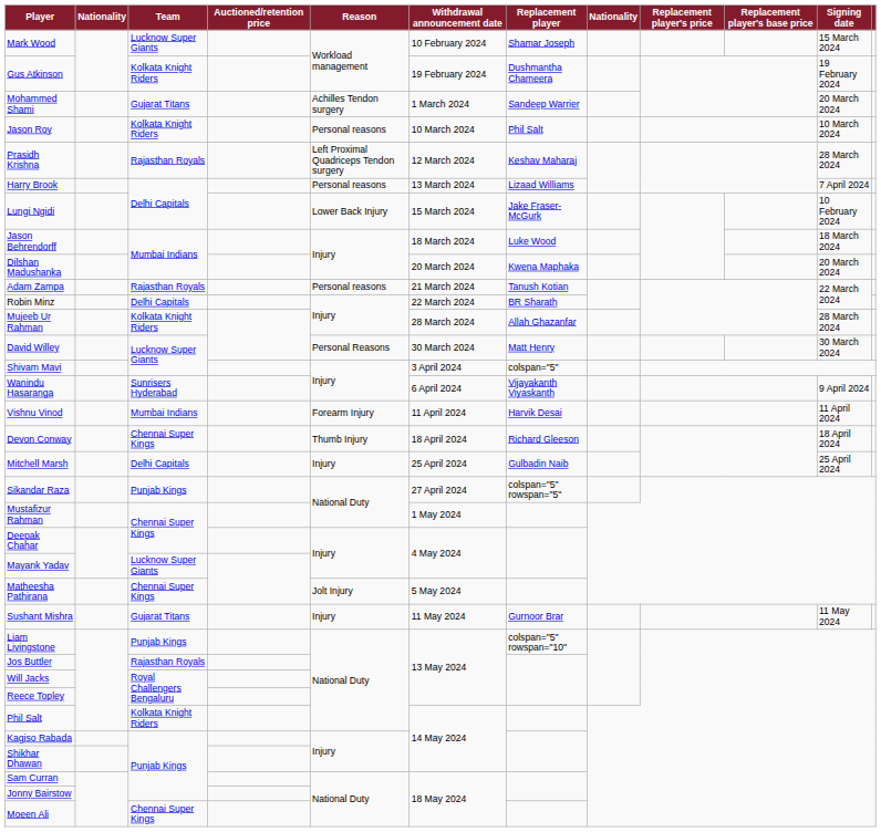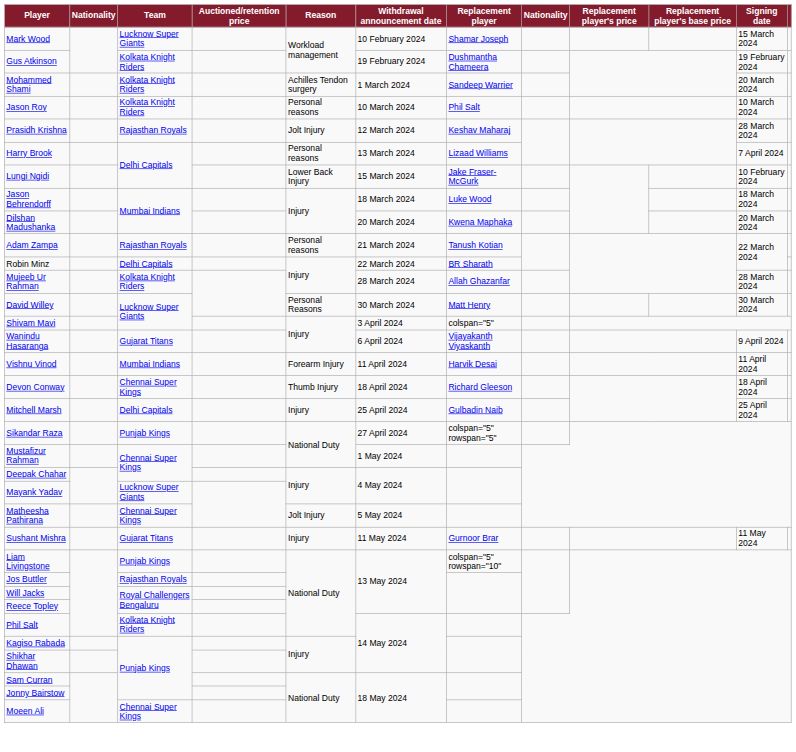 <table class="wikitable" style="font-size:85%;">
 <tr>
 <th style="background: #841B2D;color:white">Player</th>
 <th style="background: #841B2D;color:white">Nationality</th>
 <th style="background: #841B2D;color:white">Team</th>
 <th style="background: #841B2D;color:white">Auctioned/retention price</th>
 <th style="background: #841B2D;color:white">Reason</th>
 <th style="background: #841B2D;color:white">Withdrawal announcement date</th>
 <th style="background: #841B2D;color:white">Replacement player</th>
 <th style="background: #841B2D;color:white">Nationality</th>
 <th style="background: #841B2D;color:white">Replacement player's price</th>
 <th style="background: #841B2D;color:white">Replacement player's base price</th>
 <th style="background: #841B2D;color:white">Signing date</th>
 <th style="background: #841B2D;color:white"></th>
 </tr>
 <tr>
 <td><a href='#'>Mark Wood</a></td>
 <td rowspan="2"></td>
 <td><a href='#'>Lucknow Super Giants</a></td>
 <td></td>
 <td rowspan="2">Workload management</td>
 <td>10 February 2024</td>
 <td><a href='#'>Shamar Joseph</a></td>
 <td></td>
 <td></td>
 <td></td>
 <td>15 March 2024</td>
 <td></td>
 </tr>
 <tr>
 <td><a href='#'>Gus Atkinson</a></td>
 <td><a href='#'>Kolkata Knight Riders</a></td>
 <td></td>
 <td>19 February 2024</td>
 <td><a href='#'>Dushmantha Chameera</a></td>
 <td></td>
 <td colspan="2" rowspan="2"></td>
 <td>19 February 2024</td>
 <td></td>
 </tr>
 <tr>
 <td><a href='#'>Mohammed Shami</a></td>
 <td></td>
-<td><a href='#'>Gujarat Titans</a></td>
+<td><a href='#'>Kolkata Knight Riders</a></td>
 <td></td>
 <td>Achilles Tendon surgery</td>
 <td>1 March 2024</td>
 <td><a href='#'>Sandeep Warrier</a></td>
 <td></td>
 <td>20 March 2024</td>
 <td></td>
 </tr>
 <tr>
 <td><a href='#'>Jason Roy</a></td>
 <td></td>
 <td><a href='#'>Kolkata Knight Riders</a></td>
 <td></td>
 <td>Personal reasons</td>
 <td>10 March 2024</td>
 <td><a href='#'>Phil Salt</a></td>
 <td></td>
 <td colspan="2"></td>
 <td>10 March 2024</td>
 <td></td>
 </tr>
 <tr>
 <td><a href='#'>Prasidh Krishna</a></td>
 <td></td>
 <td><a href='#'>Rajasthan Royals</a></td>
 <td></td>
-<td>Left Proximal Quadriceps Tendon surgery</td>
+<td>Jolt Injury</td>
 <td>12 March 2024</td>
 <td><a href='#'>Keshav Maharaj</a></td>
 <td rowspan="2"></td>
 <td colspan="2" rowspan="2"></td>
 <td>28 March 2024</td>
 <td></td>
 </tr>
 <tr>
 <td><a href='#'>Harry Brook</a></td>
 <td></td>
 <td rowspan="2"><a href='#'>Delhi Capitals</a></td>
 <td></td>
 <td>Personal reasons</td>
 <td>13 March 2024</td>
 <td><a href='#'>Lizaad Williams</a></td>
 <td>7 April 2024</td>
 <td></td>
 </tr>
 <tr>
 <td><a href='#'>Lungi Ngidi</a></td>
 <td></td>
 <td></td>
 <td>Lower Back Injury</td>
 <td>15 March 2024</td>
 <td><a href='#'>Jake Fraser-McGurk</a></td>
 <td></td>
 <td rowspan="3"></td>
 <td></td>
 <td>10 February 2024</td>
 <td></td>
 </tr>
 <tr>
 <td><a href='#'>Jason Behrendorff</a></td>
 <td></td>
 <td rowspan="2"><a href='#'>Mumbai Indians</a></td>
 <td></td>
 <td rowspan="2">Injury</td>
 <td>18 March 2024</td>
 <td><a href='#'>Luke Wood</a></td>
 <td></td>
 <td></td>
 <td>18 March 2024</td>
 <td></td>
 </tr>
 <tr>
 <td><a href='#'>Dilshan Madushanka</a></td>
 <td></td>
 <td></td>
 <td>20 March 2024</td>
 <td><a href='#'>Kwena Maphaka</a></td>
 <td></td>
 <td></td>
 <td>20 March 2024</td>
 <td></td>
 </tr>
 <tr>
 <td><a href='#'>Adam Zampa</a></td>
 <td></td>
 <td><a href='#'>Rajasthan Royals</a></td>
 <td></td>
 <td>Personal reasons</td>
 <td>21 March 2024</td>
 <td><a href='#'>Tanush Kotian</a></td>
 <td rowspan="2"></td>
 <td colspan="2" rowspan="3"></td>
 <td rowspan="2">22 March 2024</td>
 <td></td>
 </tr>
 <tr>
 <td>Robin Minz</td>
 <td></td>
 <td><a href='#'>Delhi Capitals</a></td>
 <td></td>
 <td rowspan="2">Injury</td>
 <td>22 March 2024</td>
 <td><a href='#'>BR Sharath</a></td>
 <td></td>
 </tr>
 <tr>
 <td><a href='#'>Mujeeb Ur Rahman</a></td>
 <td></td>
 <td><a href='#'>Kolkata Knight Riders</a></td>
 <td rowspan="2"></td>
 <td>28 March 2024</td>
 <td><a href='#'>Allah Ghazanfar</a></td>
 <td></td>
 <td>28 March 2024</td>
 <td></td>
 </tr>
 <tr>
 <td><a href='#'>David Willey</a></td>
 <td></td>
 <td rowspan="2"><a href='#'>Lucknow Super Giants</a></td>
 <td>Personal Reasons</td>
 <td>30 March 2024</td>
 <td><a href='#'>Matt Henry</a></td>
 <td></td>
 <td></td>
 <td></td>
 <td>30 March 2024</td>
 <td></td>
 </tr>
 <tr>
 <td><a href='#'>Shivam Mavi</a></td>
 <td></td>
 <td></td>
 <td rowspan="2">Injury</td>
 <td>3 April 2024</td>
 <td>colspan="5" </td>
 <td></td>
 </tr>
 <tr>
 <td><a href='#'>Wanindu Hasaranga</a></td>
 <td></td>
-<td><a href='#'>Sunrisers Hyderabad</a></td>
+<td><a href='#'>Gujarat Titans</a></td>
 <td></td>
 <td>6 April 2024</td>
 <td><a href='#'>Vijayakanth Viyaskanth</a></td>
 <td></td>
 <td colspan="2"></td>
 <td>9 April 2024</td>
 <td></td>
 </tr>
 <tr>
 <td><a href='#'>Vishnu Vinod</a></td>
 <td></td>
 <td><a href='#'>Mumbai Indians</a></td>
 <td></td>
 <td>Forearm Injury</td>
 <td>11 April 2024</td>
 <td><a href='#'>Harvik Desai</a></td>
 <td></td>
 <td colspan="2"></td>
 <td>11 April 2024</td>
 <td></td>
 </tr>
 <tr>
 <td><a href='#'>Devon Conway</a></td>
 <td></td>
 <td><a href='#'>Chennai Super Kings</a></td>
 <td></td>
 <td>Thumb Injury</td>
 <td>18 April 2024</td>
 <td><a href='#'>Richard Gleeson</a></td>
 <td></td>
 <td colspan="2" rowspan="2"></td>
 <td>18 April 2024</td>
 <td></td>
 </tr>
 <tr>
 <td><a href='#'>Mitchell Marsh</a></td>
 <td></td>
 <td><a href='#'>Delhi Capitals</a></td>
 <td></td>
 <td>Injury</td>
 <td>25 April 2024</td>
 <td><a href='#'>Gulbadin Naib</a></td>
 <td></td>
 <td>25 April 2024</td>
 <td></td>
 </tr>
 <tr>
 <td><a href='#'>Sikandar Raza</a></td>
 <td></td>
 <td><a href='#'>Punjab Kings</a></td>
 <td></td>
 <td rowspan="2">National Duty</td>
 <td>27 April 2024</td>
 <td>colspan="5" rowspan="5" </td>
 <td></td>
 </tr>
 <tr>
 <td><a href='#'>Mustafizur Rahman</a></td>
 <td></td>
 <td rowspan="2"><a href='#'>Chennai Super Kings</a></td>
 <td></td>
 <td>1 May 2024</td>
 <td></td>
 </tr>
 <tr>
 <td><a href='#'>Deepak Chahar</a></td>
 <td rowspan="2"></td>
 <td></td>
 <td rowspan="2">Injury</td>
 <td rowspan="2">4 May 2024</td>
 <td rowspan="2"></td>
 </tr>
 <tr>
 <td><a href='#'>Mayank Yadav</a></td>
 <td><a href='#'>Lucknow Super Giants</a></td>
 <td rowspan="2"></td>
 </tr>
 <tr>
 <td><a href='#'>Matheesha Pathirana</a></td>
 <td></td>
 <td><a href='#'>Chennai Super Kings</a></td>
 <td>Jolt Injury</td>
 <td>5 May 2024</td>
 <td></td>
 </tr>
 <tr>
 <td><a href='#'>Sushant Mishra</a></td>
 <td></td>
 <td><a href='#'>Gujarat Titans</a></td>
 <td></td>
 <td>Injury</td>
 <td>11 May 2024</td>
 <td><a href='#'>Gurnoor Brar</a></td>
 <td></td>
 <td colspan="2"></td>
 <td>11 May 2024</td>
 <td></td>
 </tr>
 <tr>
 <td><a href='#'>Liam Livingstone</a></td>
 <td rowspan="5"></td>
 <td><a href='#'>Punjab Kings</a></td>
 <td></td>
 <td rowspan="5">National Duty</td>
 <td rowspan="4">13 May 2024</td>
 <td>colspan="5" rowspan="10" </td>
 <td rowspan="4"></td>
 </tr>
 <tr>
 <td><a href='#'>Jos Buttler</a></td>
 <td><a href='#'>Rajasthan Royals</a></td>
 <td></td>
 </tr>
 <tr>
 <td><a href='#'>Will Jacks</a></td>
 <td rowspan="2"><a href='#'>Royal Challengers Bengaluru</a></td>
 <td></td>
 </tr>
 <tr>
 <td><a href='#'>Reece Topley</a></td>
 <td></td>
 </tr>
 <tr>
 <td><a href='#'>Phil Salt</a></td>
 <td><a href='#'>Kolkata Knight Riders</a></td>
 <td></td>
 <td rowspan="3">14 May 2024</td>
 <td></td>
 </tr>
 <tr>
 <td><a href='#'>Kagiso Rabada</a></td>
 <td></td>
 <td rowspan="4"><a href='#'>Punjab Kings</a></td>
 <td></td>
 <td rowspan="2">Injury</td>
 <td rowspan="2"></td>
 </tr>
 <tr>
 <td><a href='#'>Shikhar Dhawan</a></td>
 <td></td>
 <td></td>
 </tr>
 <tr>
 <td><a href='#'>Sam Curran</a></td>
 <td rowspan="3"></td>
 <td></td>
 <td rowspan="3">National Duty</td>
 <td rowspan="3">18 May 2024</td>
 <td rowspan="2"></td>
 </tr>
 <tr>
 <td><a href='#'>Jonny Bairstow</a></td>
 <td></td>
 </tr>
 <tr>
 <td><a href='#'>Moeen Ali</a></td>
 <td><a href='#'>Chennai Super Kings</a></td>
 <td></td>
 <td></td>
 </tr>
 </table>
